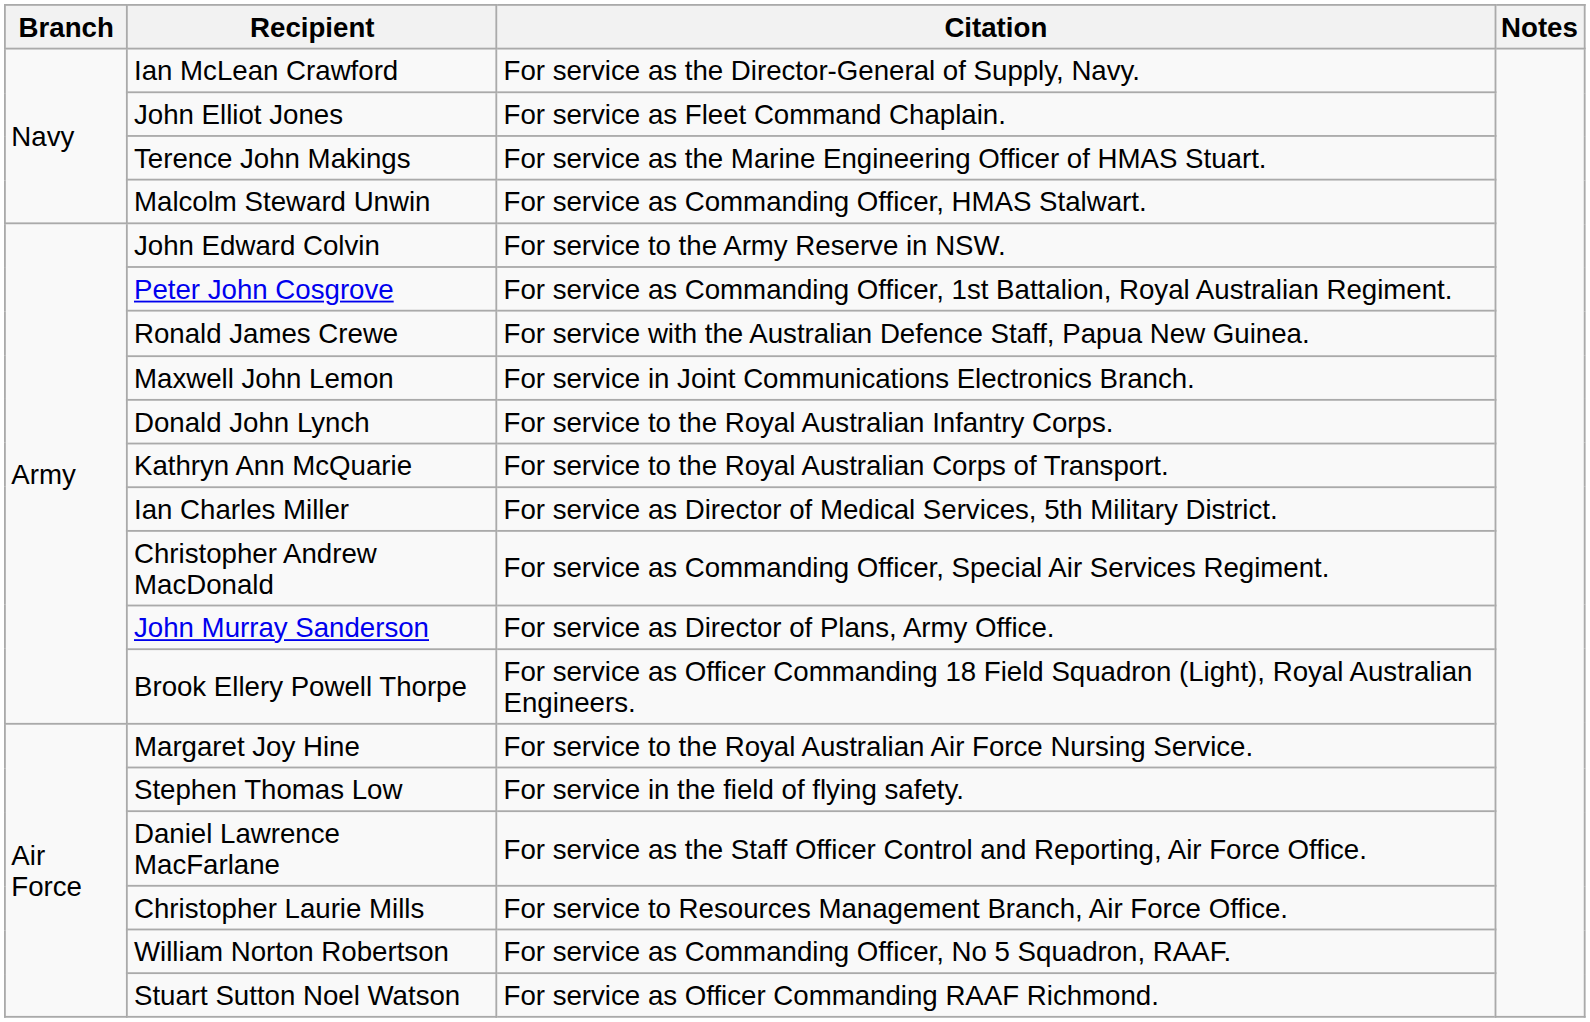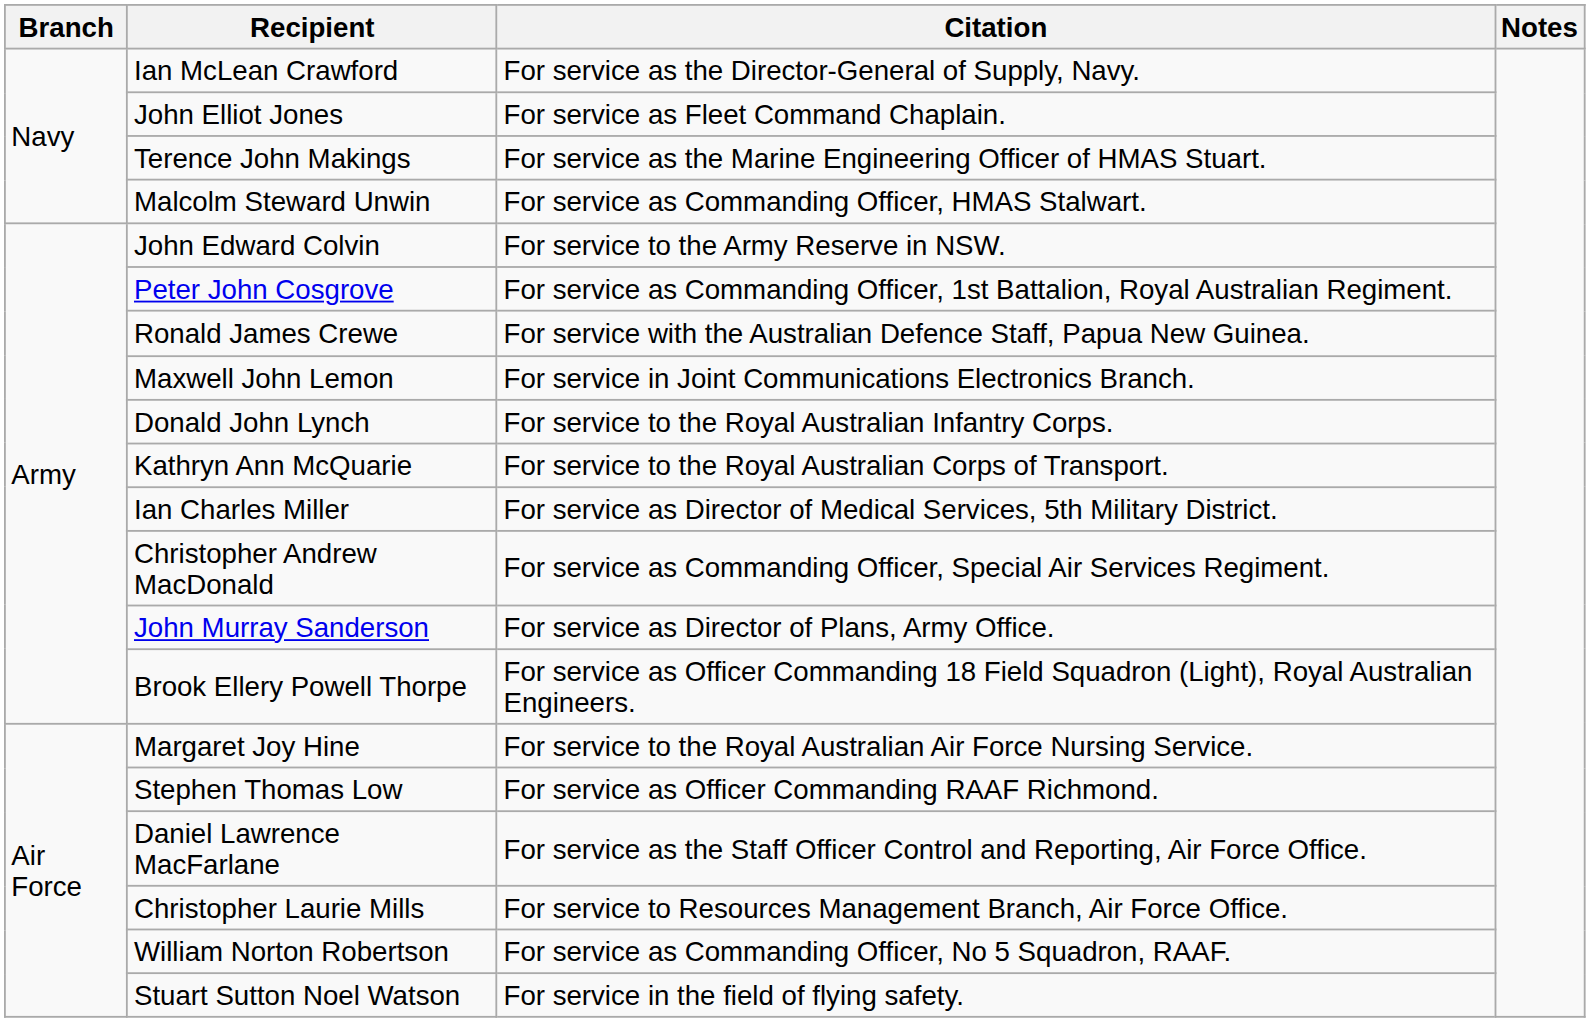 <table class="wikitable" style="font-size:95%;">
 <tr>
 <th>Branch</th>
 <th>Recipient</th>
 <th>Citation</th>
 <th>Notes</th>
 </tr>
 <tr>
 <td rowspan=4>Navy</td>
 <td> Ian McLean Crawford</td>
 <td>For service as the Director-General of Supply, Navy.</td>
 <td rowspan=20></td>
 </tr>
 <tr>
 <td> John Elliot Jones</td>
 <td>For service as Fleet Command Chaplain.</td>
 </tr>
 <tr>
 <td> Terence John Makings</td>
 <td>For service as the Marine Engineering Officer of HMAS Stuart.</td>
 </tr>
 <tr>
 <td> Malcolm Steward Unwin</td>
 <td>For service as Commanding Officer, HMAS Stalwart.</td>
 </tr>
 <tr>
 <td rowspan=10>Army</td>
 <td> John Edward Colvin </td>
 <td>For service to the Army Reserve in NSW.</td>
 </tr>
 <tr>
 <td> <a href='#'>Peter John Cosgrove</a> </td>
 <td>For service as Commanding Officer, 1st Battalion, Royal Australian Regiment.</td>
 </tr>
 <tr>
 <td> Ronald James Crewe</td>
 <td>For service with the Australian Defence Staff, Papua New Guinea.</td>
 </tr>
 <tr>
 <td> Maxwell John Lemon</td>
 <td>For service in Joint Communications Electronics Branch.</td>
 </tr>
 <tr>
 <td> Donald John Lynch</td>
 <td>For service to the Royal Australian Infantry Corps.</td>
 </tr>
 <tr>
 <td> Kathryn Ann McQuarie</td>
 <td>For service to the Royal Australian Corps of Transport.</td>
 </tr>
 <tr>
 <td> Ian Charles Miller</td>
 <td>For service as Director of Medical Services, 5th Military District.</td>
 </tr>
 <tr>
 <td> Christopher Andrew MacDonald</td>
 <td>For service as Commanding Officer, Special Air Services Regiment.</td>
 </tr>
 <tr>
 <td> <a href='#'>John Murray Sanderson</a></td>
 <td>For service as Director of Plans, Army Office.</td>
 </tr>
 <tr>
 <td> Brook Ellery Powell Thorpe</td>
 <td>For service as Officer Commanding 18 Field Squadron (Light), Royal Australian Engineers.</td>
 </tr>
 <tr>
 <td rowspan=6>Air Force</td>
 <td> Margaret Joy Hine</td>
 <td>For service to the Royal Australian Air Force Nursing Service.</td>
 </tr>
 <tr>
 <td> Stephen Thomas Low</td>
-<td>For service in the field of flying safety.</td>
+<td>For service as Officer Commanding RAAF Richmond.</td>
 </tr>
 <tr>
 <td> Daniel Lawrence MacFarlane</td>
 <td>For service as the Staff Officer Control and Reporting, Air Force Office.</td>
 </tr>
 <tr>
 <td> Christopher Laurie Mills</td>
 <td>For service to Resources Management Branch, Air Force Office.</td>
 </tr>
 <tr>
 <td> William Norton Robertson </td>
 <td>For service as Commanding Officer, No 5 Squadron, RAAF.</td>
 </tr>
 <tr>
 <td> Stuart Sutton Noel Watson</td>
-<td>For service as Officer Commanding RAAF Richmond.</td>
+<td>For service in the field of flying safety.</td>
 </tr>
 </table>
